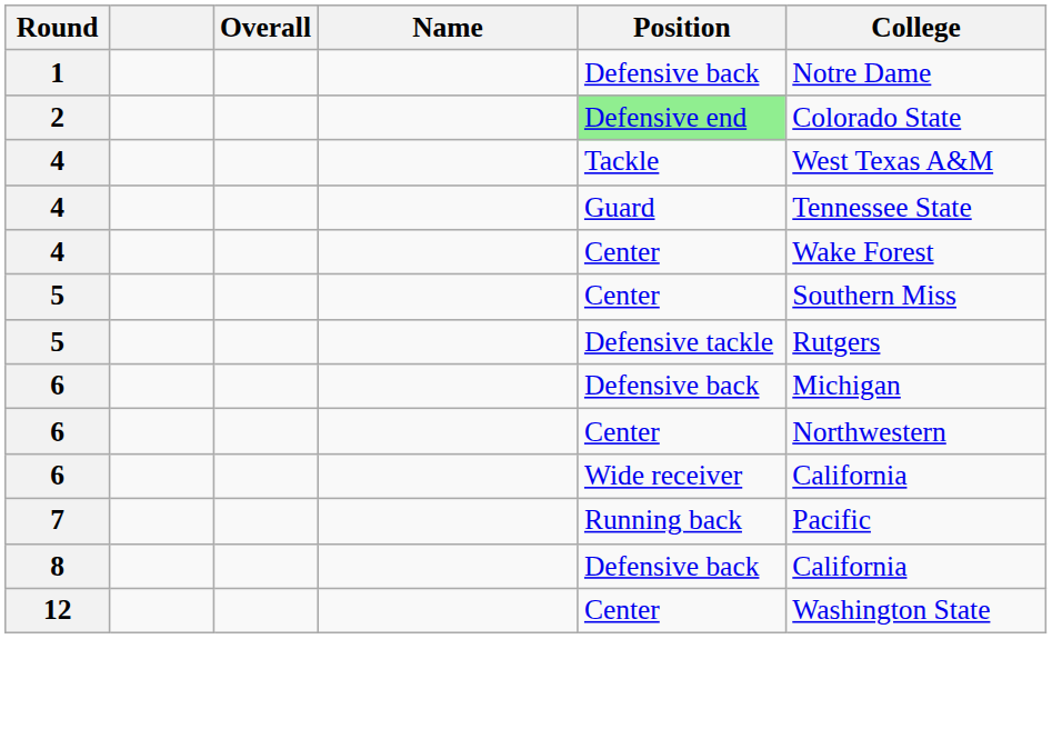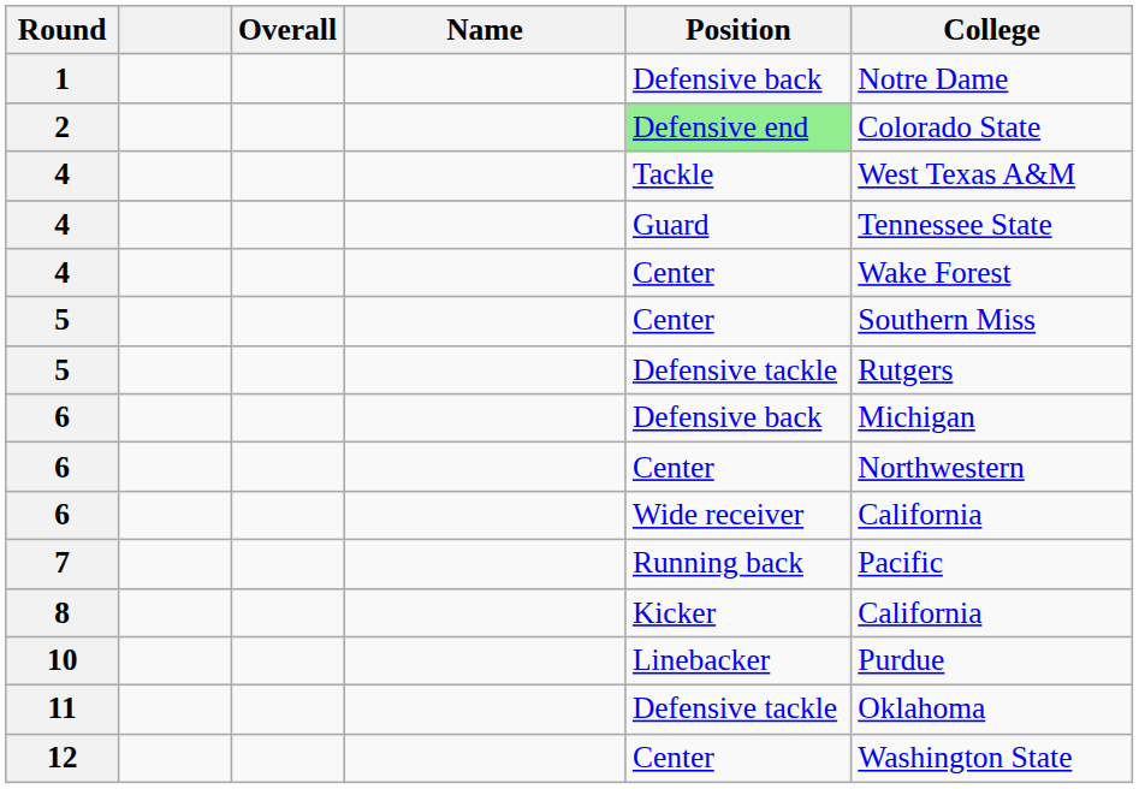 <table class="wikitable sortable">
 <tr>
 <th scope="col" style="width: 10%;">Round</th>
 <th scope="col" style="width: 10%;"></th>
 <th scope="col" style="width: 10%;">Overall</th>
 <th scope="col" style="width: 25%;">Name</th>
 <th scope="col" style="width: 20%;">Position</th>
 <th scope="col" style="width: 25%;">College</th>
 </tr>
 <tr>
 <th scope="row">1</th>
 <td></td>
 <td></td>
 <td></td>
 <td><a href='#'>Defensive back</a></td>
 <td><a href='#'>Notre Dame</a></td>
 </tr>
 <tr>
 <th scope="row">2</th>
 <td></td>
 <td></td>
 <td></td>
 <td style="background: lightgreen;"><a href='#'>Defensive end</a></td>
 <td><a href='#'>Colorado State</a></td>
 </tr>
 <tr>
 <th scope="row">4</th>
 <td></td>
 <td></td>
 <td></td>
 <td><a href='#'>Tackle</a></td>
 <td><a href='#'>West Texas A&M</a></td>
 </tr>
 <tr>
 <th scope="row">4</th>
 <td></td>
 <td></td>
 <td></td>
 <td><a href='#'>Guard</a></td>
 <td><a href='#'>Tennessee State</a></td>
 </tr>
 <tr>
 <th scope="row">4</th>
 <td></td>
 <td></td>
 <td></td>
 <td><a href='#'>Center</a></td>
 <td><a href='#'>Wake Forest</a></td>
 </tr>
 <tr>
 <th scope="row">5</th>
 <td></td>
 <td></td>
 <td></td>
 <td><a href='#'>Center</a></td>
 <td><a href='#'>Southern Miss</a></td>
 </tr>
 <tr>
 <th scope="row">5</th>
 <td></td>
 <td></td>
 <td></td>
 <td><a href='#'>Defensive tackle</a></td>
 <td><a href='#'>Rutgers</a></td>
 </tr>
 <tr>
 <th scope="row">6</th>
 <td></td>
 <td></td>
 <td></td>
 <td><a href='#'>Defensive back</a></td>
 <td><a href='#'>Michigan</a></td>
 </tr>
 <tr>
 <th scope="row">6</th>
 <td></td>
 <td></td>
 <td></td>
 <td><a href='#'>Center</a></td>
 <td><a href='#'>Northwestern</a></td>
 </tr>
 <tr>
 <th scope="row">6</th>
 <td></td>
 <td></td>
 <td></td>
 <td><a href='#'>Wide receiver</a></td>
 <td><a href='#'>California</a></td>
 </tr>
 <tr>
 <th scope="row">7</th>
 <td></td>
 <td></td>
 <td></td>
 <td><a href='#'>Running back</a></td>
 <td><a href='#'>Pacific</a></td>
 </tr>
 <tr>
 <th scope="row">8</th>
 <td></td>
 <td></td>
 <td></td>
-<td><a href='#'>Defensive back</a></td>
+<td><a href='#'>Kicker</a></td>
 <td><a href='#'>California</a></td>
+</tr>
+<tr>
+<th scope="row">10</th>
+<td></td>
+<td></td>
+<td></td>
+<td><a href='#'>Linebacker</a></td>
+<td><a href='#'>Purdue</a></td>
+</tr>
+<tr>
+<th scope="row">11</th>
+<td></td>
+<td></td>
+<td></td>
+<td><a href='#'>Defensive tackle</a></td>
+<td><a href='#'>Oklahoma</a></td>
 </tr>
 <tr>
 <th scope="row">12</th>
 <td></td>
 <td></td>
 <td></td>
 <td><a href='#'>Center</a></td>
 <td><a href='#'>Washington State</a></td>
 </tr>
 </table>
